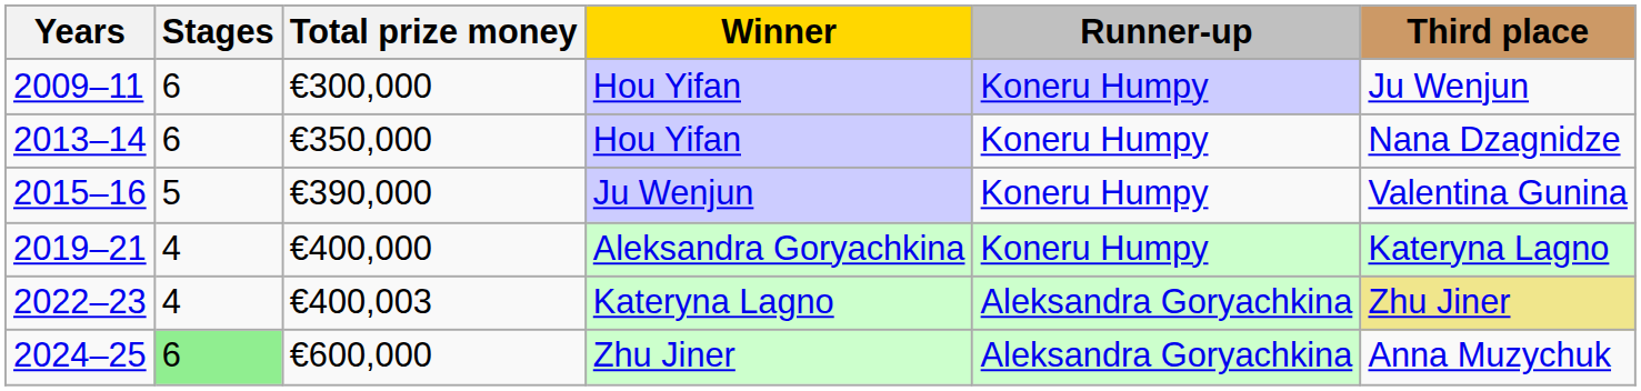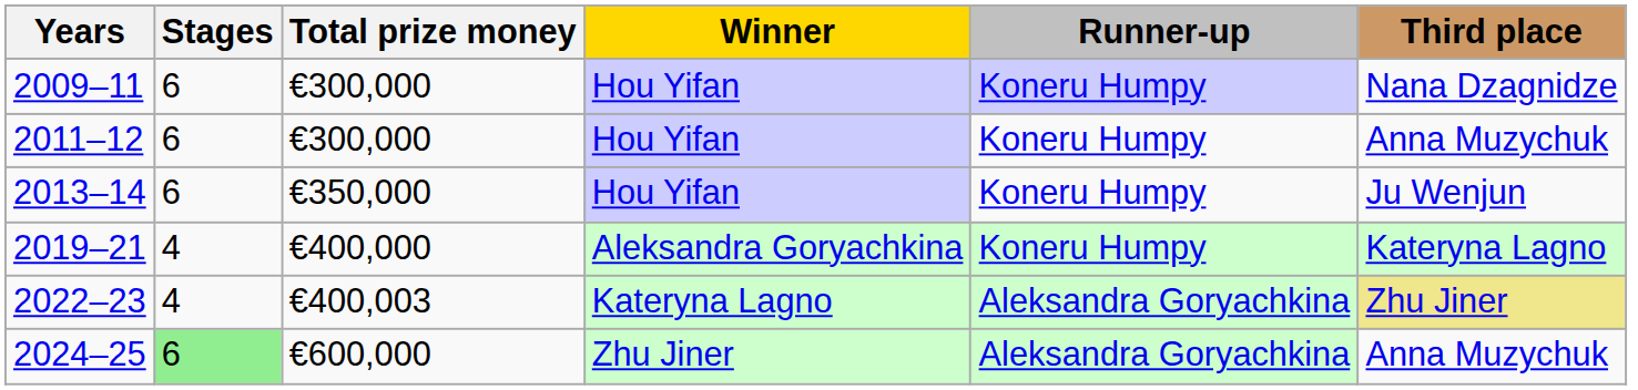 <table class="wikitable">
 <tr>
 <th>Years</th>
 <th>Stages</th>
 <th>Total prize money</th>
 <th style="background:#ffd700">Winner</th>
 <th style="background:#c0c0c0">Runner-up</th>
 <th style="background:#cc9966">Third place</th>
 </tr>
 <tr>
 <td><a href='#'>2009–11</a></td>
 <td>6</td>
 <td>€300,000</td>
 <td style="background:#ccccff;"> <a href='#'>Hou Yifan</a></td>
 <td style="background:#ccccff;"> <a href='#'>Koneru Humpy</a></td>
-<td> <a href='#'>Ju Wenjun</a></td>
+<td> <a href='#'>Nana Dzagnidze</a></td>
+</tr>
+<tr>
+<td><a href='#'>2011–12</a></td>
+<td>6</td>
+<td>€300,000</td>
+<td style="background:#ccccff;"> <a href='#'>Hou Yifan</a></td>
+<td> <a href='#'>Koneru Humpy</a></td>
+<td> <a href='#'>Anna Muzychuk</a></td>
 </tr>
 <tr>
 <td><a href='#'>2013–14</a></td>
 <td>6</td>
 <td>€350,000</td>
 <td style="background:#ccccff;"> <a href='#'>Hou Yifan</a></td>
 <td> <a href='#'>Koneru Humpy</a></td>
-<td> <a href='#'>Nana Dzagnidze</a></td>
-</tr>
-<tr>
-<td><a href='#'>2015–16</a></td>
-<td>5</td>
-<td>€390,000</td>
-<td style="background:#ccccff;"> <a href='#'>Ju Wenjun</a></td>
-<td> <a href='#'>Koneru Humpy</a></td>
-<td> <a href='#'>Valentina Gunina</a></td>
+<td> <a href='#'>Ju Wenjun</a></td>
 </tr>
 <tr>
 <td><a href='#'>2019–21</a></td>
 <td>4</td>
 <td>€400,000</td>
 <td style="background:#ccffcc;"> <a href='#'>Aleksandra Goryachkina</a></td>
 <td style="background:#ccffcc;"> <a href='#'>Koneru Humpy</a></td>
 <td style="background:#ccffcc;"> <a href='#'>Kateryna Lagno</a></td>
 </tr>
 <tr>
 <td><a href='#'>2022–23</a></td>
 <td>4</td>
 <td>€400,003</td>
 <td style="background:#ccffcc;"> <a href='#'>Kateryna Lagno</a></td>
 <td style="background:#ccffcc;"> <a href='#'>Aleksandra Goryachkina</a></td>
 <td style="background: khaki;"> <a href='#'>Zhu Jiner</a></td>
 </tr>
 <tr>
 <td><a href='#'>2024–25</a></td>
 <td style="background: lightgreen;">6</td>
 <td>€600,000</td>
 <td style="background:#ccffcc;"> <a href='#'>Zhu Jiner</a></td>
 <td style="background:#ccffcc;"> <a href='#'>Aleksandra Goryachkina</a></td>
 <td> <a href='#'>Anna Muzychuk</a></td>
 </tr>
 </table>
